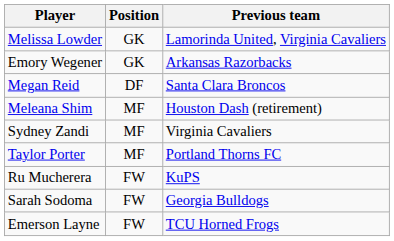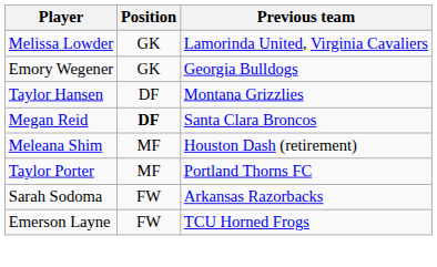 <table class="wikitable" style="text-align:left;">
 <tr>
 <th>Player</th>
 <th>Position</th>
 <th>Previous team</th>
 </tr>
 <tr>
 <td> <a href='#'>Melissa Lowder</a></td>
 <td align="center">GK</td>
 <td> <a href='#'>Lamorinda United</a>, <a href='#'>Virginia Cavaliers</a></td>
 </tr>
 <tr>
 <td> Emory Wegener</td>
 <td align="center">GK</td>
-<td> <a href='#'>Arkansas Razorbacks</a></td>
+<td> <a href='#'>Georgia Bulldogs</a></td>
+</tr>
+<tr>
+<td> <a href='#'>Taylor Hansen</a></td>
+<td align="center">DF</td>
+<td> <a href='#'>Montana Grizzlies</a></td>
 </tr>
 <tr>
 <td> <a href='#'>Megan Reid</a></td>
-<td align="center">DF</td>
+<td align="center"><strong>DF</strong></td>
 <td> <a href='#'>Santa Clara Broncos</a></td>
 </tr>
 <tr>
 <td> <a href='#'>Meleana Shim</a></td>
 <td align="center">MF</td>
 <td> <a href='#'>Houston Dash</a> (retirement)</td>
 </tr>
 <tr>
-<td> Sydney Zandi</td>
-<td align="center">MF</td>
-<td> Virginia Cavaliers</td>
-</tr>
-<tr>
 <td> <a href='#'>Taylor Porter</a></td>
 <td align="center">MF</td>
 <td> <a href='#'>Portland Thorns FC</a></td>
 </tr>
 <tr>
-<td> Ru Mucherera</td>
-<td align="center">FW</td>
-<td> <a href='#'>KuPS</a></td>
-</tr>
-<tr>
 <td> Sarah Sodoma</td>
 <td align="center">FW</td>
-<td> <a href='#'>Georgia Bulldogs</a></td>
+<td> <a href='#'>Arkansas Razorbacks</a></td>
 </tr>
 <tr>
 <td> Emerson Layne</td>
 <td align="center">FW</td>
 <td> <a href='#'>TCU Horned Frogs</a></td>
 </tr>
 </table>
